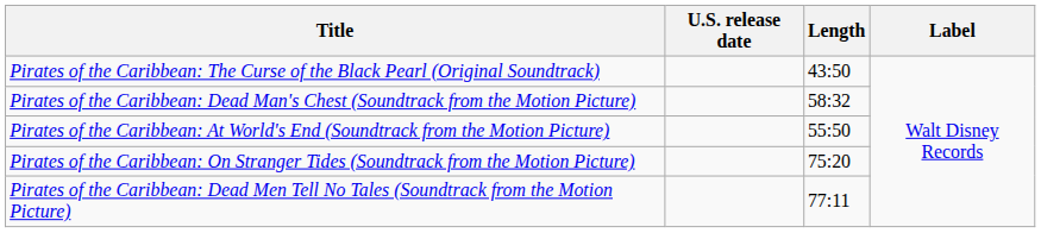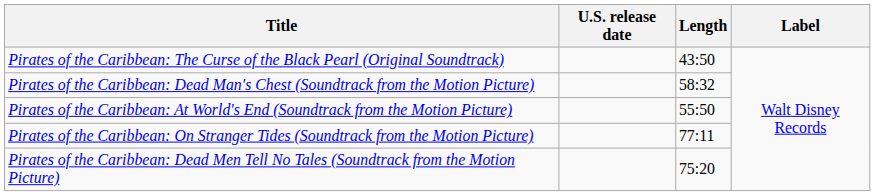 <table class="wikitable plainrowheaders" style="text-align:center" width=99%>
 <tr>
 <th scope="col">Title</th>
 <th scope="col">U.S. release date</th>
 <th scope="col">Length</th>
 <th scope="col">Label</th>
 </tr>
 <tr>
 <td style="text-align:left"><em><a href='#'>Pirates of the Caribbean: The Curse of the Black Pearl (Original Soundtrack)</a></em></td>
 <td style="text-align:left"></td>
 <td style="text-align:left">43:50</td>
 <td rowspan="5"><a href='#'>Walt Disney Records</a></td>
 </tr>
 <tr>
 <td style="text-align:left"><em><a href='#'>Pirates of the Caribbean: Dead Man's Chest (Soundtrack from the Motion Picture)</a></em></td>
 <td style="text-align:left"></td>
 <td style="text-align:left">58:32</td>
 </tr>
 <tr>
 <td style="text-align:left"><em><a href='#'>Pirates of the Caribbean: At World's End (Soundtrack from the Motion Picture)</a></em></td>
 <td style="text-align:left"></td>
 <td style="text-align:left">55:50</td>
 </tr>
 <tr>
 <td style="text-align:left"><em><a href='#'>Pirates of the Caribbean: On Stranger Tides (Soundtrack from the Motion Picture)</a></em></td>
 <td style="text-align:left"></td>
-<td style="text-align:left">75:20</td>
+<td style="text-align:left">77:11</td>
 </tr>
 <tr>
 <td style="text-align:left"><em><a href='#'>Pirates of the Caribbean: Dead Men Tell No Tales (Soundtrack from the Motion Picture)</a></em></td>
 <td style="text-align:left"></td>
-<td style="text-align:left">77:11</td>
+<td style="text-align:left">75:20</td>
 </tr>
 </table>
